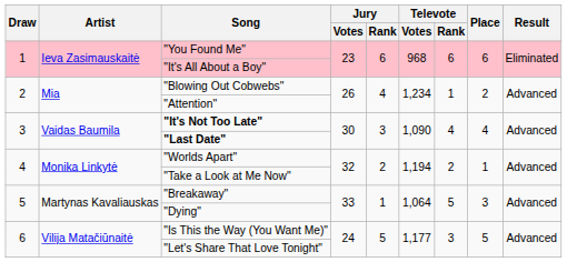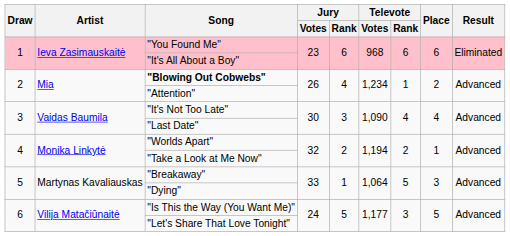 <table class="sortable wikitable" style="margin: 1em auto 1em auto; text-align:center;">
 <tr>
 <th rowspan="2">Draw</th>
 <th rowspan="2">Artist</th>
 <th rowspan="2">Song</th>
 <th colspan="2">Jury</th>
 <th colspan="2">Televote</th>
 <th rowspan="2">Place</th>
 <th rowspan="2">Result</th>
 </tr>
 <tr>
 <th>Votes</th>
 <th>Rank</th>
 <th>Votes</th>
 <th>Rank</th>
 </tr>
 <tr style="background:pink;">
 <td rowspan="2">1</td>
 <td rowspan="2" align="left"><a href='#'>Ieva Zasimauskaitė</a></td>
 <td align="left">"You Found Me"</td>
 <td rowspan="2">23</td>
 <td rowspan="2">6</td>
 <td rowspan="2">968</td>
 <td rowspan="2">6</td>
 <td rowspan="2">6</td>
 <td rowspan="2">Eliminated</td>
 </tr>
 <tr style="background:pink;">
 <td align="left">"It's All About a Boy"</td>
 </tr>
 <tr>
 <td rowspan="2">2</td>
 <td rowspan="2" align="left"><a href='#'>Mia</a></td>
-<td align="left">"Blowing Out Cobwebs"</td>
+<td align="left"><strong>"Blowing Out Cobwebs"</strong></td>
 <td rowspan="2">26</td>
 <td rowspan="2">4</td>
 <td rowspan="2">1,234</td>
 <td rowspan="2">1</td>
 <td rowspan="2">2</td>
 <td rowspan="2">Advanced</td>
 </tr>
 <tr>
 <td align="left">"Attention"</td>
 </tr>
 <tr>
 <td rowspan="2">3</td>
 <td rowspan="2" align="left"><a href='#'>Vaidas Baumila</a></td>
-<td align="left"><strong>"It's Not Too Late"</strong></td>
+<td align="left">"It's Not Too Late"</td>
 <td rowspan="2">30</td>
 <td rowspan="2">3</td>
 <td rowspan="2">1,090</td>
 <td rowspan="2">4</td>
 <td rowspan="2">4</td>
 <td rowspan="2">Advanced</td>
 </tr>
 <tr>
-<td align="left"><strong>"Last Date"</strong></td>
+<td align="left">"Last Date"</td>
 </tr>
 <tr>
 <td rowspan="2">4</td>
 <td rowspan="2" align="left"><a href='#'>Monika Linkytė</a></td>
 <td align="left">"Worlds Apart"</td>
 <td rowspan="2">32</td>
 <td rowspan="2">2</td>
 <td rowspan="2">1,194</td>
 <td rowspan="2">2</td>
 <td rowspan="2">1</td>
 <td rowspan="2">Advanced</td>
 </tr>
 <tr>
 <td align="left">"Take a Look at Me Now"</td>
 </tr>
 <tr>
 <td rowspan="2">5</td>
 <td rowspan="2" align="left">Martynas Kavaliauskas</td>
 <td align="left">"Breakaway"</td>
 <td rowspan="2">33</td>
 <td rowspan="2">1</td>
 <td rowspan="2">1,064</td>
 <td rowspan="2">5</td>
 <td rowspan="2">3</td>
 <td rowspan="2">Advanced</td>
 </tr>
 <tr>
 <td align="left">"Dying"</td>
 </tr>
 <tr>
 <td rowspan="2">6</td>
 <td rowspan="2" align="left"><a href='#'>Vilija Matačiūnaitė</a></td>
 <td align="left">"Is This the Way (You Want Me)"</td>
 <td rowspan="2">24</td>
 <td rowspan="2">5</td>
 <td rowspan="2">1,177</td>
 <td rowspan="2">3</td>
 <td rowspan="2">5</td>
 <td rowspan="2">Advanced</td>
 </tr>
 <tr>
 <td align="left">"Let's Share That Love Tonight"</td>
 </tr>
 </table>
